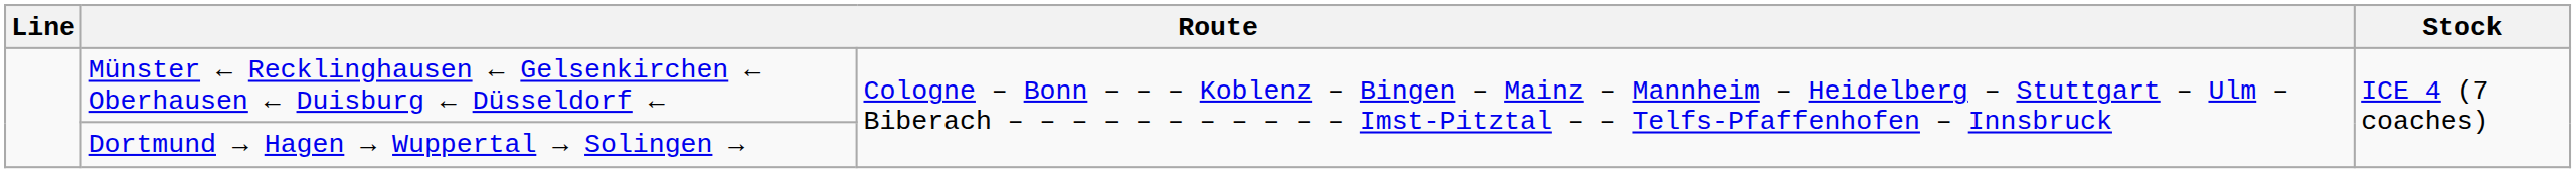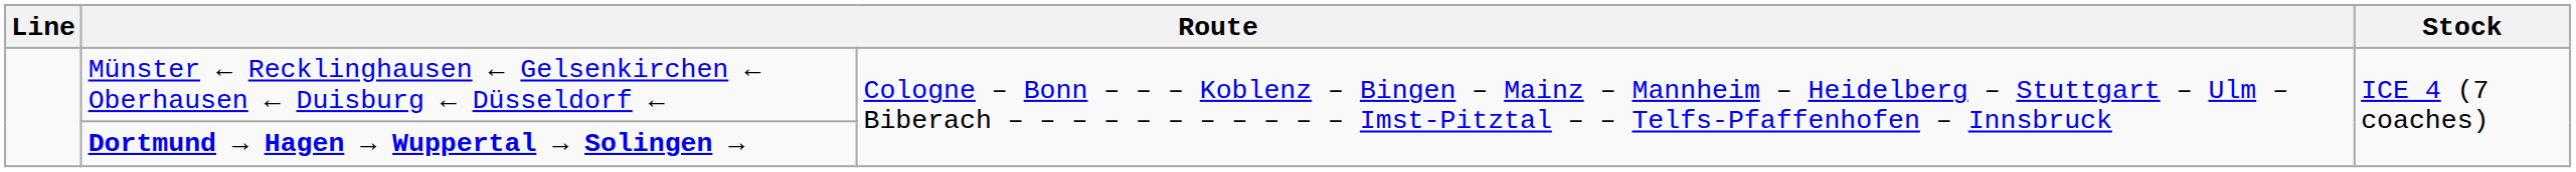 <table class="wikitable">
 <tr>
 <th>Line</th>
 <th colspan="2">Route</th>
 <th>Stock</th>
 </tr>
 <tr>
 <td rowspan="2"></td>
 <td><a href='#'>Münster</a> ← <a href='#'>Recklinghausen</a> ← <a href='#'>Gelsenkirchen</a> ← <a href='#'>Oberhausen</a> ← <a href='#'>Duisburg</a> ← <a href='#'>Düsseldorf</a> ←</td>
 <td rowspan="2"><a href='#'>Cologne</a> – <a href='#'>Bonn</a> –  –  – <a href='#'>Koblenz</a> – <a href='#'>Bingen</a> – <a href='#'>Mainz</a> – <a href='#'>Mannheim</a> – <a href='#'>Heidelberg</a> – <a href='#'>Stuttgart</a> – <a href='#'>Ulm</a> – Biberach –  –  –  –  –  –  –  –  –  –  – <a href='#'>Imst-Pitztal</a> –  – <a href='#'>Telfs-Pfaffenhofen</a> – <a href='#'>Innsbruck</a></td>
 <td rowspan="2"><a href='#'>ICE 4</a> (7 coaches)</td>
 </tr>
 <tr>
-<td><a href='#'>Dortmund</a> → <a href='#'>Hagen</a> → <a href='#'>Wuppertal</a> → <a href='#'>Solingen</a> →</td>
+<td><strong><a href='#'>Dortmund</a> → <a href='#'>Hagen</a> → <a href='#'>Wuppertal</a> → <a href='#'>Solingen</a> →</strong></td>
 </tr>
 </table>
